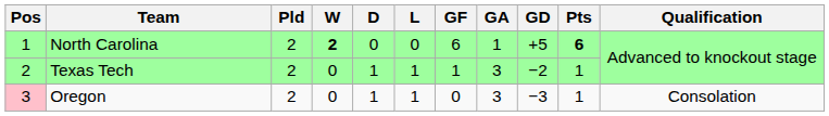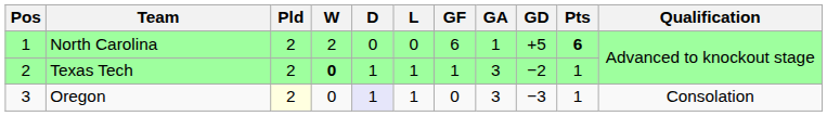 <table class="wikitable" style="text-align:center; margin: 1em auto">
 <tr>
 <th style=width:2em>Pos</th>
 <th style=width:13em>Team</th>
 <th style=width:2em>Pld</th>
 <th style=width:2em>W</th>
 <th style=width:2em>D</th>
 <th style=width:2em>L</th>
 <th style=width:2em>GF</th>
 <th style=width:2em>GA</th>
 <th style=width:2em>GD</th>
 <th style=width:2em>Pts</th>
 <th style=width:13em>Qualification</th>
 </tr>
 <tr bgcolor="#9eff9e">
 <td>1</td>
 <td style="text-align:left">North Carolina</td>
 <td>2</td>
-<td><strong>2</strong></td>
+<td>2</td>
 <td>0</td>
 <td>0</td>
 <td>6</td>
 <td>1</td>
 <td>+5</td>
 <td><strong>6</strong></td>
 <td rowspan="2">Advanced to knockout stage</td>
 </tr>
 <tr bgcolor="#9eff9e">
 <td>2</td>
 <td style="text-align:left">Texas Tech</td>
 <td>2</td>
-<td>0</td>
+<td><strong>0</strong></td>
 <td>1</td>
 <td>1</td>
 <td>1</td>
 <td>3</td>
 <td>−2</td>
 <td>1</td>
 </tr>
 <tr>
-<td style="background: pink;">3</td>
+<td>3</td>
 <td style="text-align:left">Oregon</td>
-<td>2</td>
+<td style="background: lightyellow;">2</td>
 <td>0</td>
-<td>1</td>
+<td style="background: lavender;">1</td>
 <td>1</td>
 <td>0</td>
 <td>3</td>
 <td>−3</td>
 <td>1</td>
 <td>Consolation</td>
 </tr>
 </table>
